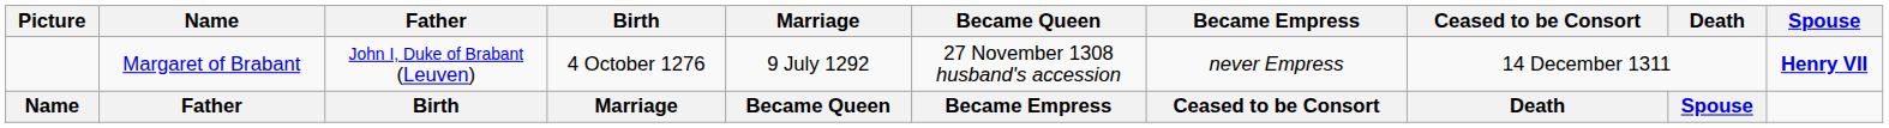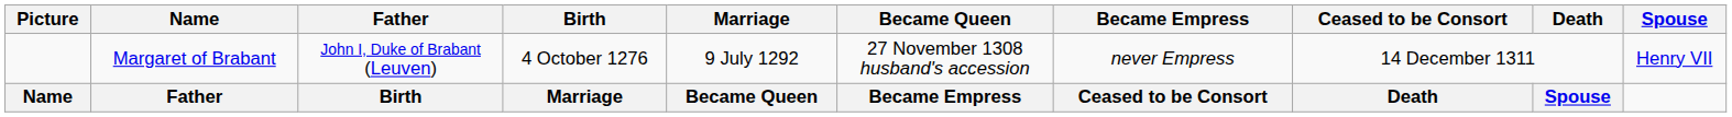 <table width=95% class="wikitable">
 <tr>
 <th>Picture</th>
 <th>Name</th>
 <th>Father</th>
 <th>Birth</th>
 <th>Marriage</th>
 <th>Became Queen</th>
 <th>Became Empress</th>
 <th>Ceased to be Consort</th>
 <th>Death</th>
 <th><a href='#'>Spouse</a></th>
 </tr>
 <tr>
 <td align=center></td>
 <td align=center><a href='#'>Margaret of Brabant</a></td>
 <td align="center"><small><a href='#'>John I, Duke of Brabant</a></small><br>(<a href='#'>Leuven</a>)</td>
 <td align="center">4 October 1276</td>
 <td align="center">9 July 1292</td>
 <td align="center">27 November 1308<br><em>husband's accession</em></td>
 <td align="center"><em>never Empress</em></td>
 <td align="center" colspan="2">14 December 1311</td>
-<td align="center"><strong><a href='#'>Henry VII</a></strong></td>
+<td align="center"><a href='#'>Henry VII</a></td>
 </tr>
 <tr>
 <th>Name</th>
 <th>Father</th>
 <th>Birth</th>
 <th>Marriage</th>
 <th>Became Queen</th>
 <th>Became Empress</th>
 <th>Ceased to be Consort</th>
 <th>Death</th>
 <th><a href='#'>Spouse</a></th>
 </tr>
 </table>
